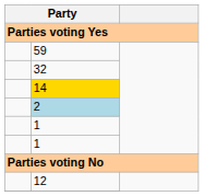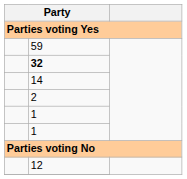 <table class="wikitable floatright">
 <tr>
 <th colspan="2" style="width:150px;">Party</th>
 <th width=100></th>
 </tr>
 <tr>
 <td style="background:#fc9;" colspan="7"><strong>Parties voting Yes</strong></td>
 </tr>
 <tr>
 <td></td>
 <td>59</td>
 </tr>
 <tr>
 <td></td>
-<td>32</td>
+<td><strong>32</strong></td>
 </tr>
 <tr>
 <td></td>
-<td style="background: gold;">14</td>
+<td>14</td>
 </tr>
 <tr>
 <td></td>
-<td style="background: lightblue;">2</td>
+<td>2</td>
 </tr>
 <tr>
 <td></td>
 <td>1</td>
 </tr>
 <tr>
 <td></td>
 <td>1</td>
 </tr>
 <tr>
 <td style="background:#fc9;" colspan="7"><strong>Parties voting No</strong></td>
 </tr>
 <tr>
 <td></td>
 <td>12</td>
 </tr>
 <tr>
 </tr>
 </table>
